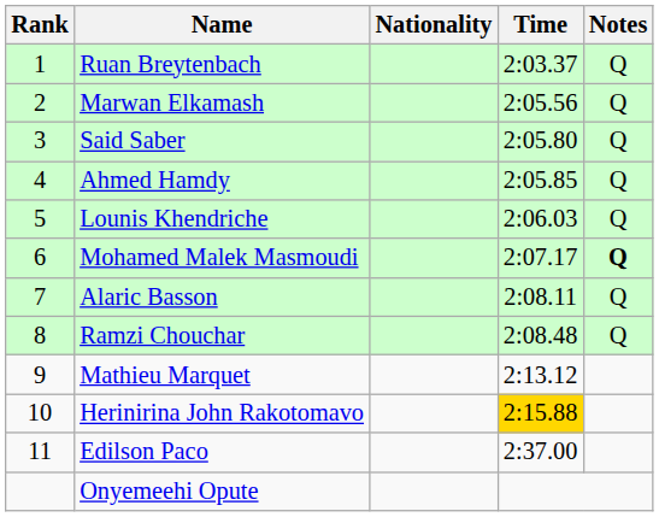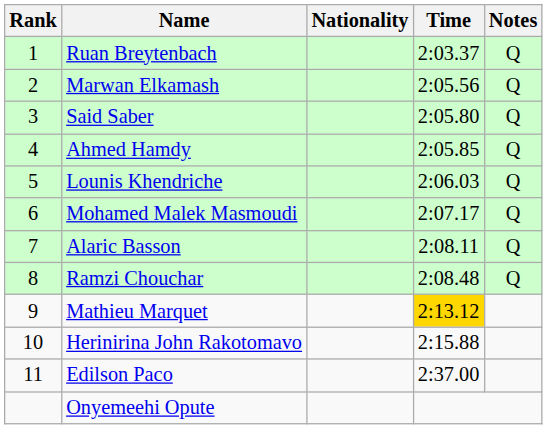 <table class="wikitable sortable" style="text-align:center">
 <tr>
 <th>Rank</th>
 <th>Name</th>
 <th>Nationality</th>
 <th>Time</th>
 <th>Notes</th>
 </tr>
 <tr bgcolor=ccffcc>
 <td>1</td>
 <td align=left><a href='#'>Ruan Breytenbach</a></td>
 <td align=left></td>
 <td>2:03.37</td>
 <td>Q</td>
 </tr>
 <tr bgcolor=ccffcc>
 <td>2</td>
 <td align=left><a href='#'>Marwan Elkamash</a></td>
 <td align=left></td>
 <td>2:05.56</td>
 <td>Q</td>
 </tr>
 <tr bgcolor=ccffcc>
 <td>3</td>
 <td align=left><a href='#'>Said Saber</a></td>
 <td align=left></td>
 <td>2:05.80</td>
 <td>Q</td>
 </tr>
 <tr bgcolor=ccffcc>
 <td>4</td>
 <td align=left><a href='#'>Ahmed Hamdy</a></td>
 <td align=left></td>
 <td>2:05.85</td>
 <td>Q</td>
 </tr>
 <tr bgcolor=ccffcc>
 <td>5</td>
 <td align=left><a href='#'>Lounis Khendriche</a></td>
 <td align=left></td>
 <td>2:06.03</td>
 <td>Q</td>
 </tr>
 <tr bgcolor=ccffcc>
 <td>6</td>
 <td align=left><a href='#'>Mohamed Malek Masmoudi</a></td>
 <td align=left></td>
 <td>2:07.17</td>
-<td><strong>Q</strong></td>
+<td>Q</td>
 </tr>
 <tr bgcolor=ccffcc>
 <td>7</td>
 <td align=left><a href='#'>Alaric Basson</a></td>
 <td align=left></td>
 <td>2:08.11</td>
 <td>Q</td>
 </tr>
 <tr bgcolor=ccffcc>
 <td>8</td>
 <td align=left><a href='#'>Ramzi Chouchar</a></td>
 <td align=left></td>
 <td>2:08.48</td>
 <td>Q</td>
 </tr>
 <tr>
 <td>9</td>
 <td align=left><a href='#'>Mathieu Marquet</a></td>
 <td align=left></td>
-<td>2:13.12</td>
+<td style="background: gold;">2:13.12</td>
 <td></td>
 </tr>
 <tr>
 <td>10</td>
 <td align=left><a href='#'>Herinirina John Rakotomavo</a></td>
 <td align=left></td>
-<td style="background: gold;">2:15.88</td>
+<td>2:15.88</td>
 <td></td>
 </tr>
 <tr>
 <td>11</td>
 <td align=left><a href='#'>Edilson Paco</a></td>
 <td align=left></td>
 <td>2:37.00</td>
 <td></td>
 </tr>
 <tr>
 <td></td>
 <td align=left><a href='#'>Onyemeehi Opute</a></td>
 <td align=left></td>
 <td colspan=2></td>
 </tr>
 </table>
